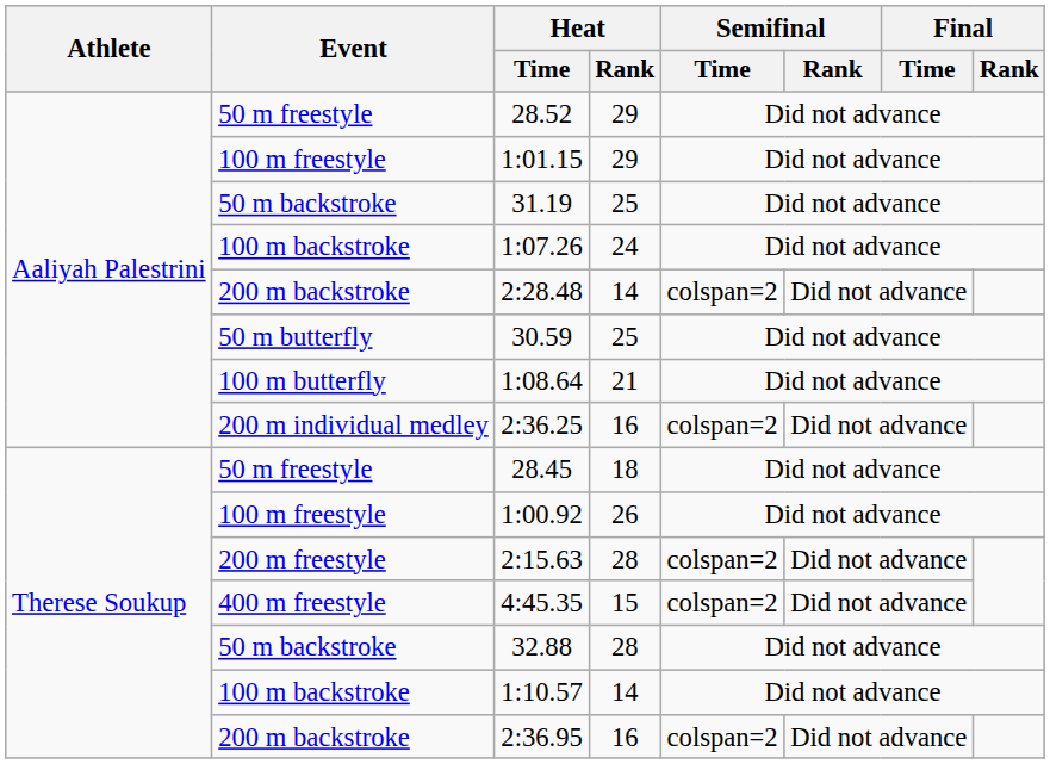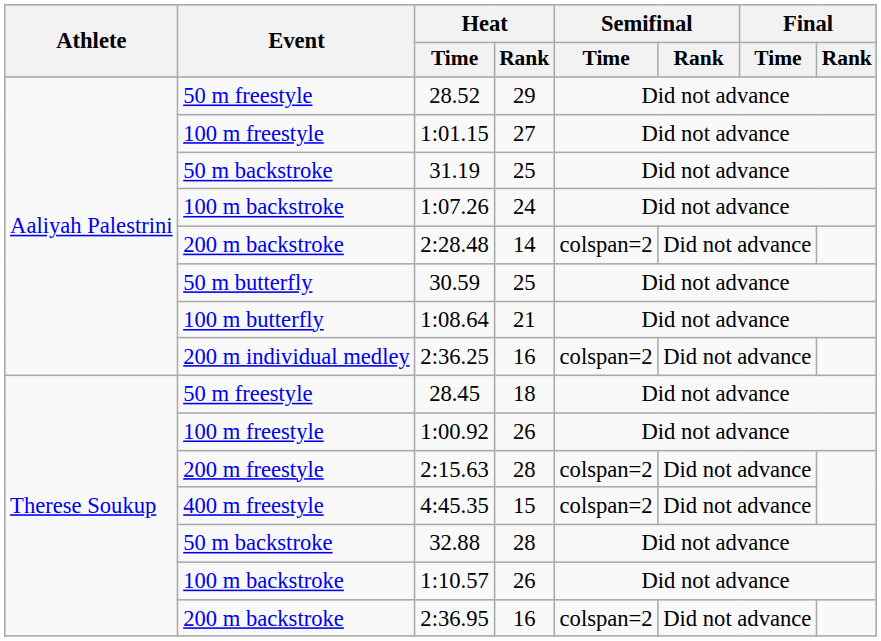 <table class=wikitable style=font-size:90%>
 <tr>
 <th rowspan=2>Athlete</th>
 <th rowspan=2>Event</th>
 <th colspan=2>Heat</th>
 <th colspan=2>Semifinal</th>
 <th colspan=2>Final</th>
 </tr>
 <tr style=font-size:95%>
 <th>Time</th>
 <th>Rank</th>
 <th>Time</th>
 <th>Rank</th>
 <th>Time</th>
 <th>Rank</th>
 </tr>
 <tr align=center>
 <td align=left rowspan=8><a href='#'>Aaliyah Palestrini</a></td>
 <td align=left><a href='#'>50 m freestyle</a></td>
 <td>28.52</td>
 <td>29</td>
 <td colspan=4>Did not advance</td>
 </tr>
 <tr align=center>
 <td align=left><a href='#'>100 m freestyle</a></td>
 <td>1:01.15</td>
-<td>29</td>
+<td>27</td>
 <td colspan=4>Did not advance</td>
 </tr>
 <tr align=center>
 <td align=left><a href='#'>50 m backstroke</a></td>
 <td>31.19</td>
 <td>25</td>
 <td colspan=4>Did not advance</td>
 </tr>
 <tr align=center>
 <td align=left><a href='#'>100 m backstroke</a></td>
 <td>1:07.26</td>
 <td>24</td>
 <td colspan=4>Did not advance</td>
 </tr>
 <tr align=center>
 <td align=left><a href='#'>200 m backstroke</a></td>
 <td>2:28.48</td>
 <td>14</td>
 <td>colspan=2</td>
 <td colspan=2>Did not advance</td>
 </tr>
 <tr align=center>
 <td align=left><a href='#'>50 m butterfly</a></td>
 <td>30.59</td>
 <td>25</td>
 <td colspan=4>Did not advance</td>
 </tr>
 <tr align=center>
 <td align=left><a href='#'>100 m butterfly</a></td>
 <td>1:08.64</td>
 <td>21</td>
 <td colspan=4>Did not advance</td>
 </tr>
 <tr align=center>
 <td align=left><a href='#'>200 m individual medley</a></td>
 <td>2:36.25</td>
 <td>16</td>
 <td>colspan=2</td>
 <td colspan=2>Did not advance</td>
 </tr>
 <tr align=center>
 <td align=left rowspan=7><a href='#'>Therese Soukup</a></td>
 <td align=left><a href='#'>50 m freestyle</a></td>
 <td>28.45</td>
 <td>18</td>
 <td colspan=4>Did not advance</td>
 </tr>
 <tr align=center>
 <td align=left><a href='#'>100 m freestyle</a></td>
 <td>1:00.92</td>
 <td>26</td>
 <td colspan=4>Did not advance</td>
 </tr>
 <tr align=center>
 <td align=left><a href='#'>200 m freestyle</a></td>
 <td>2:15.63</td>
 <td>28</td>
 <td>colspan=2</td>
 <td colspan=2>Did not advance</td>
 </tr>
 <tr align=center>
 <td align=left><a href='#'>400 m freestyle</a></td>
 <td>4:45.35</td>
 <td>15</td>
 <td>colspan=2</td>
 <td colspan=2>Did not advance</td>
 </tr>
 <tr align=center>
 <td align=left><a href='#'>50 m backstroke</a></td>
 <td>32.88</td>
 <td>28</td>
 <td colspan=4>Did not advance</td>
 </tr>
 <tr align=center>
 <td align=left><a href='#'>100 m backstroke</a></td>
 <td>1:10.57</td>
-<td>14</td>
+<td>26</td>
 <td colspan=4>Did not advance</td>
 </tr>
 <tr align=center>
 <td align=left><a href='#'>200 m backstroke</a></td>
 <td>2:36.95</td>
 <td>16</td>
 <td>colspan=2</td>
 <td colspan=2>Did not advance</td>
 </tr>
 </table>
